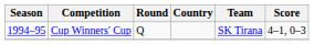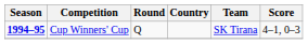 <table class="wikitable">
 <tr>
 <th>Season</th>
 <th>Competition</th>
 <th>Round</th>
 <th>Country</th>
 <th>Team</th>
 <th>Score</th>
 </tr>
 <tr>
-<td><a href='#'>1994–95</a></td>
+<td><strong><a href='#'>1994–95</a></strong></td>
 <td><a href='#'>Cup Winners' Cup</a></td>
 <td>Q</td>
 <td></td>
 <td><a href='#'>SK Tirana</a></td>
 <td>4–1, 0–3</td>
 </tr>
 <tr>
 </tr>
 </table>
